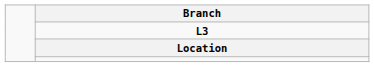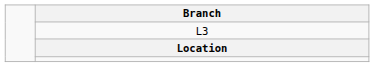 <table class="wikitable" style="text-align: center; width: 450px; float:right;">
 <tr>
 <td rowspan="6"></td>
 <th>Branch</th>
 </tr>
 <tr>
-<td><strong>L3</strong></td>
+<td>L3</td>
 </tr>
 <tr>
 <th>Location</th>
 </tr>
 <tr>
 <td></td>
 </tr>
 </table>
